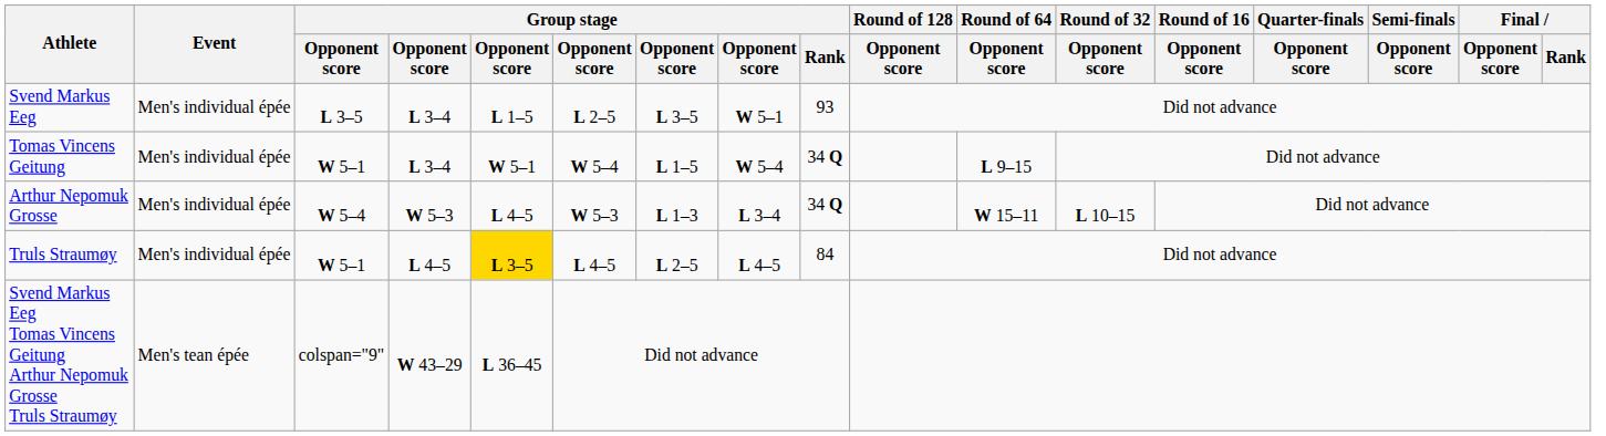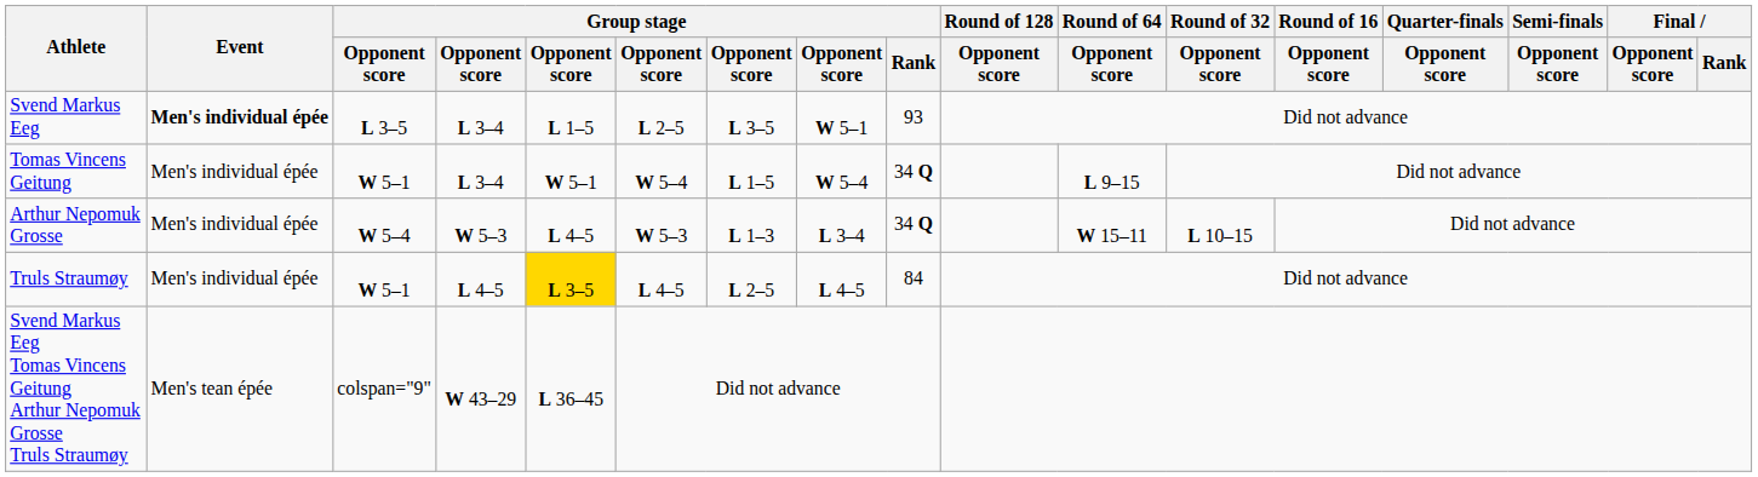 <table class="wikitable" style="font-size:90%; text-align:center">
 <tr>
 <th rowspan="2" width="100">Athlete</th>
 <th rowspan="2">Event</th>
 <th colspan="7">Group stage</th>
 <th>Round of 128</th>
 <th>Round of 64</th>
 <th>Round of 32</th>
 <th>Round of 16</th>
 <th>Quarter-finals</th>
 <th>Semi-finals</th>
 <th colspan="2">Final / </th>
 </tr>
 <tr>
 <th>Opponent<br>score</th>
 <th>Opponent<br>score</th>
 <th>Opponent<br>score</th>
 <th>Opponent<br>score</th>
 <th>Opponent<br>score</th>
 <th>Opponent<br>score</th>
 <th>Rank</th>
 <th>Opponent<br>score</th>
 <th>Opponent<br>score</th>
 <th>Opponent<br>score</th>
 <th>Opponent<br>score</th>
 <th>Opponent<br>score</th>
 <th>Opponent<br>score</th>
 <th>Opponent<br>score</th>
 <th>Rank</th>
 </tr>
 <tr>
 <td align="left"><a href='#'>Svend Markus Eeg</a></td>
-<td align="left">Men's individual épée</td>
+<td align="left"><strong>Men's individual épée</strong></td>
 <td><br><strong>L</strong> 3–5</td>
 <td><br><strong>L</strong> 3–4</td>
 <td><br><strong>L</strong> 1–5</td>
 <td><br><strong>L</strong> 2–5</td>
 <td><br><strong>L</strong> 3–5</td>
 <td><br><strong>W</strong> 5–1</td>
 <td>93</td>
 <td colspan="8">Did not advance</td>
 </tr>
 <tr>
 <td align="left"><a href='#'>Tomas Vincens Geitung</a></td>
 <td align="left">Men's individual épée</td>
 <td><br><strong>W</strong> 5–1</td>
 <td><br><strong>L</strong> 3–4</td>
 <td><br><strong>W</strong> 5–1</td>
 <td><br><strong>W</strong> 5–4</td>
 <td><br><strong>L</strong> 1–5</td>
 <td><br><strong>W</strong> 5–4</td>
 <td>34 <strong>Q</strong></td>
 <td></td>
 <td><br><strong>L</strong> 9–15</td>
 <td colspan="6">Did not advance</td>
 </tr>
 <tr>
 <td align="left"><a href='#'>Arthur Nepomuk Grosse</a></td>
 <td align="left">Men's individual épée</td>
 <td><br><strong>W</strong> 5–4</td>
 <td><br><strong>W</strong> 5–3</td>
 <td><br><strong>L</strong> 4–5</td>
 <td><br><strong>W</strong> 5–3</td>
 <td><br><strong>L</strong> 1–3</td>
 <td><br><strong>L</strong> 3–4</td>
 <td>34 <strong>Q</strong></td>
 <td></td>
 <td><br><strong>W</strong> 15–11</td>
 <td><br><strong>L</strong> 10–15</td>
 <td colspan="5">Did not advance</td>
 </tr>
 <tr>
 <td align="left"><a href='#'>Truls Straumøy</a></td>
 <td align="left">Men's individual épée</td>
 <td><br><strong>W</strong> 5–1</td>
 <td><br><strong>L</strong> 4–5</td>
 <td style="background: gold;"><br><strong>L</strong> 3–5</td>
 <td><br><strong>L</strong> 4–5</td>
 <td><br><strong>L</strong> 2–5</td>
 <td><br><strong>L</strong> 4–5</td>
 <td>84</td>
 <td colspan="8">Did not advance</td>
 </tr>
 <tr>
 <td align="left"><a href='#'>Svend Markus Eeg</a><br><a href='#'>Tomas Vincens Geitung</a><br><a href='#'>Arthur Nepomuk Grosse</a><br><a href='#'>Truls Straumøy</a></td>
 <td align="left">Men's tean épée</td>
 <td>colspan="9" </td>
 <td><br><strong>W</strong> 43–29</td>
 <td><br><strong>L</strong> 36–45</td>
 <td colspan="4">Did not advance</td>
 </tr>
 </table>
